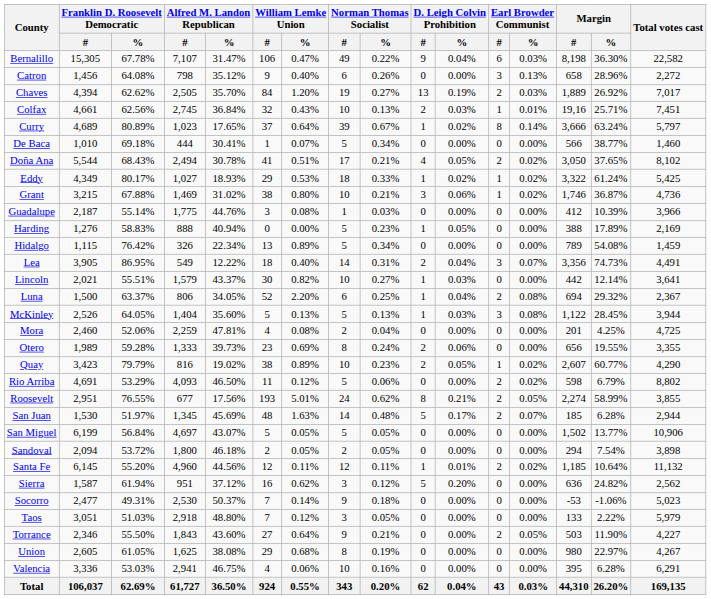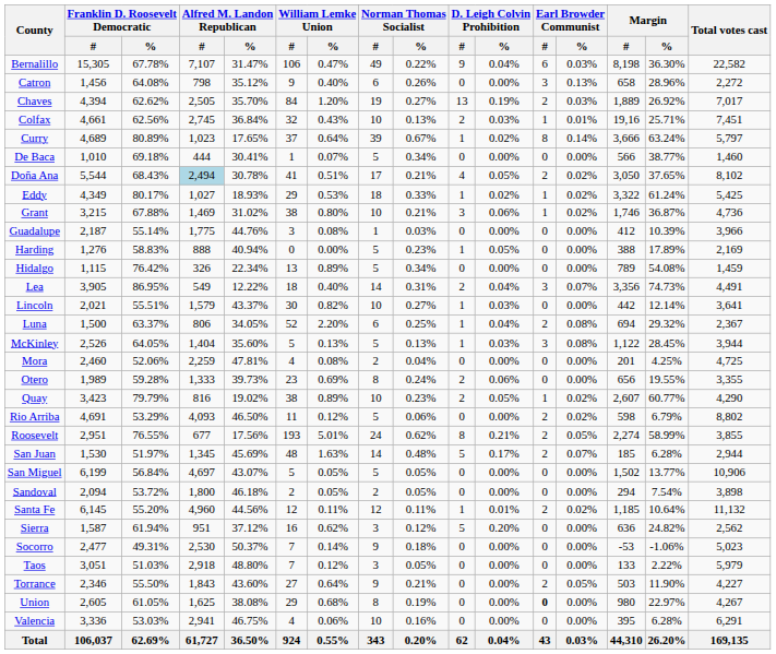 <table class="wikitable sortable" style="text-align:center">
 <tr>
 <th style="text-align:center;" rowspan="2">County</th>
 <th style="text-align:center;" colspan="2"><a href='#'>Franklin D. Roosevelt</a><br>Democratic</th>
 <th style="text-align:center;" colspan="2"><a href='#'>Alfred M. Landon</a><br>Republican</th>
 <th style="text-align:center;" colspan="2"><a href='#'>William Lemke</a><br>Union</th>
 <th style="text-align:center;" colspan="2"><a href='#'>Norman Thomas</a><br>Socialist</th>
 <th style="text-align:center;" colspan="2"><a href='#'>D. Leigh Colvin</a><br>Prohibition</th>
 <th style="text-align:center;" colspan="2"><a href='#'>Earl Browder</a><br>Communist</th>
 <th style="text-align:center;" colspan="2">Margin</th>
 <th style="text-align:center;" rowspan="2">Total votes cast</th>
 </tr>
 <tr>
 <th style="text-align:center;" data-sort-type="number">#</th>
 <th style="text-align:center;" data-sort-type="number">%</th>
 <th style="text-align:center;" data-sort-type="number">#</th>
 <th style="text-align:center;" data-sort-type="number">%</th>
 <th style="text-align:center;" data-sort-type="number">#</th>
 <th style="text-align:center;" data-sort-type="number">%</th>
 <th style="text-align:center;" data-sort-type="number">#</th>
 <th style="text-align:center;" data-sort-type="number">%</th>
 <th style="text-align:center;" data-sort-type="number">#</th>
 <th style="text-align:center;" data-sort-type="number">%</th>
 <th style="text-align:center;" data-sort-type="number">#</th>
 <th style="text-align:center;" data-sort-type="number">%</th>
 <th style="text-align:center;" data-sort-type="number">#</th>
 <th style="text-align:center;" data-sort-type="number">%</th>
 </tr>
 <tr style="text-align:center;">
 <td><a href='#'>Bernalillo</a></td>
 <td>15,305</td>
 <td>67.78%</td>
 <td>7,107</td>
 <td>31.47%</td>
 <td>106</td>
 <td>0.47%</td>
 <td>49</td>
 <td>0.22%</td>
 <td>9</td>
 <td>0.04%</td>
 <td>6</td>
 <td>0.03%</td>
 <td>8,198</td>
 <td>36.30%</td>
 <td>22,582</td>
 </tr>
 <tr style="text-align:center;">
 <td><a href='#'>Catron</a></td>
 <td>1,456</td>
 <td>64.08%</td>
 <td>798</td>
 <td>35.12%</td>
 <td>9</td>
 <td>0.40%</td>
 <td>6</td>
 <td>0.26%</td>
 <td>0</td>
 <td>0.00%</td>
 <td>3</td>
 <td>0.13%</td>
 <td>658</td>
 <td>28.96%</td>
 <td>2,272</td>
 </tr>
 <tr style="text-align:center;">
 <td><a href='#'>Chaves</a></td>
 <td>4,394</td>
 <td>62.62%</td>
 <td>2,505</td>
 <td>35.70%</td>
 <td>84</td>
 <td>1.20%</td>
 <td>19</td>
 <td>0.27%</td>
 <td>13</td>
 <td>0.19%</td>
 <td>2</td>
 <td>0.03%</td>
 <td>1,889</td>
 <td>26.92%</td>
 <td>7,017</td>
 </tr>
 <tr style="text-align:center;">
 <td><a href='#'>Colfax</a></td>
 <td>4,661</td>
 <td>62.56%</td>
 <td>2,745</td>
 <td>36.84%</td>
 <td>32</td>
 <td>0.43%</td>
 <td>10</td>
 <td>0.13%</td>
 <td>2</td>
 <td>0.03%</td>
 <td>1</td>
 <td>0.01%</td>
 <td>19,16</td>
 <td>25.71%</td>
 <td>7,451</td>
 </tr>
 <tr style="text-align:center;">
 <td><a href='#'>Curry</a></td>
 <td>4,689</td>
 <td>80.89%</td>
 <td>1,023</td>
 <td>17.65%</td>
 <td>37</td>
 <td>0.64%</td>
 <td>39</td>
 <td>0.67%</td>
 <td>1</td>
 <td>0.02%</td>
 <td>8</td>
 <td>0.14%</td>
 <td>3,666</td>
 <td>63.24%</td>
 <td>5,797</td>
 </tr>
 <tr style="text-align:center;">
 <td><a href='#'>De Baca</a></td>
 <td>1,010</td>
 <td>69.18%</td>
 <td>444</td>
 <td>30.41%</td>
 <td>1</td>
 <td>0.07%</td>
 <td>5</td>
 <td>0.34%</td>
 <td>0</td>
 <td>0.00%</td>
 <td>0</td>
 <td>0.00%</td>
 <td>566</td>
 <td>38.77%</td>
 <td>1,460</td>
 </tr>
 <tr style="text-align:center;">
 <td><a href='#'>Doña Ana</a></td>
 <td>5,544</td>
 <td>68.43%</td>
-<td>2,494</td>
+<td style="background: lightblue;">2,494</td>
 <td>30.78%</td>
 <td>41</td>
 <td>0.51%</td>
 <td>17</td>
 <td>0.21%</td>
 <td>4</td>
 <td>0.05%</td>
 <td>2</td>
 <td>0.02%</td>
 <td>3,050</td>
 <td>37.65%</td>
 <td>8,102</td>
 </tr>
 <tr style="text-align:center;">
 <td><a href='#'>Eddy</a></td>
 <td>4,349</td>
 <td>80.17%</td>
 <td>1,027</td>
 <td>18.93%</td>
 <td>29</td>
 <td>0.53%</td>
 <td>18</td>
 <td>0.33%</td>
 <td>1</td>
 <td>0.02%</td>
 <td>1</td>
 <td>0.02%</td>
 <td>3,322</td>
 <td>61.24%</td>
 <td>5,425</td>
 </tr>
 <tr style="text-align:center;">
 <td><a href='#'>Grant</a></td>
 <td>3,215</td>
 <td>67.88%</td>
 <td>1,469</td>
 <td>31.02%</td>
 <td>38</td>
 <td>0.80%</td>
 <td>10</td>
 <td>0.21%</td>
 <td>3</td>
 <td>0.06%</td>
 <td>1</td>
 <td>0.02%</td>
 <td>1,746</td>
 <td>36.87%</td>
 <td>4,736</td>
 </tr>
 <tr style="text-align:center;">
 <td><a href='#'>Guadalupe</a></td>
 <td>2,187</td>
 <td>55.14%</td>
 <td>1,775</td>
 <td>44.76%</td>
 <td>3</td>
 <td>0.08%</td>
 <td>1</td>
 <td>0.03%</td>
 <td>0</td>
 <td>0.00%</td>
 <td>0</td>
 <td>0.00%</td>
 <td>412</td>
 <td>10.39%</td>
 <td>3,966</td>
 </tr>
 <tr style="text-align:center;">
 <td><a href='#'>Harding</a></td>
 <td>1,276</td>
 <td>58.83%</td>
 <td>888</td>
 <td>40.94%</td>
 <td>0</td>
 <td>0.00%</td>
 <td>5</td>
 <td>0.23%</td>
 <td>1</td>
 <td>0.05%</td>
 <td>0</td>
 <td>0.00%</td>
 <td>388</td>
 <td>17.89%</td>
 <td>2,169</td>
 </tr>
 <tr style="text-align:center;">
 <td><a href='#'>Hidalgo</a></td>
 <td>1,115</td>
 <td>76.42%</td>
 <td>326</td>
 <td>22.34%</td>
 <td>13</td>
 <td>0.89%</td>
 <td>5</td>
 <td>0.34%</td>
 <td>0</td>
 <td>0.00%</td>
 <td>0</td>
 <td>0.00%</td>
 <td>789</td>
 <td>54.08%</td>
 <td>1,459</td>
 </tr>
 <tr style="text-align:center;">
 <td><a href='#'>Lea</a></td>
 <td>3,905</td>
 <td>86.95%</td>
 <td>549</td>
 <td>12.22%</td>
 <td>18</td>
 <td>0.40%</td>
 <td>14</td>
 <td>0.31%</td>
 <td>2</td>
 <td>0.04%</td>
 <td>3</td>
 <td>0.07%</td>
 <td>3,356</td>
 <td>74.73%</td>
 <td>4,491</td>
 </tr>
 <tr style="text-align:center;">
 <td><a href='#'>Lincoln</a></td>
 <td>2,021</td>
 <td>55.51%</td>
 <td>1,579</td>
 <td>43.37%</td>
 <td>30</td>
 <td>0.82%</td>
 <td>10</td>
 <td>0.27%</td>
 <td>1</td>
 <td>0.03%</td>
 <td>0</td>
 <td>0.00%</td>
 <td>442</td>
 <td>12.14%</td>
 <td>3,641</td>
 </tr>
 <tr style="text-align:center;">
 <td><a href='#'>Luna</a></td>
 <td>1,500</td>
 <td>63.37%</td>
 <td>806</td>
 <td>34.05%</td>
 <td>52</td>
 <td>2.20%</td>
 <td>6</td>
 <td>0.25%</td>
 <td>1</td>
 <td>0.04%</td>
 <td>2</td>
 <td>0.08%</td>
 <td>694</td>
 <td>29.32%</td>
 <td>2,367</td>
 </tr>
 <tr style="text-align:center;">
 <td><a href='#'>McKinley</a></td>
 <td>2,526</td>
 <td>64.05%</td>
 <td>1,404</td>
 <td>35.60%</td>
 <td>5</td>
 <td>0.13%</td>
 <td>5</td>
 <td>0.13%</td>
 <td>1</td>
 <td>0.03%</td>
 <td>3</td>
 <td>0.08%</td>
 <td>1,122</td>
 <td>28.45%</td>
 <td>3,944</td>
 </tr>
 <tr style="text-align:center;">
 <td><a href='#'>Mora</a></td>
 <td>2,460</td>
 <td>52.06%</td>
 <td>2,259</td>
 <td>47.81%</td>
 <td>4</td>
 <td>0.08%</td>
 <td>2</td>
 <td>0.04%</td>
 <td>0</td>
 <td>0.00%</td>
 <td>0</td>
 <td>0.00%</td>
 <td>201</td>
 <td>4.25%</td>
 <td>4,725</td>
 </tr>
 <tr style="text-align:center;">
 <td><a href='#'>Otero</a></td>
 <td>1,989</td>
 <td>59.28%</td>
 <td>1,333</td>
 <td>39.73%</td>
 <td>23</td>
 <td>0.69%</td>
 <td>8</td>
 <td>0.24%</td>
 <td>2</td>
 <td>0.06%</td>
 <td>0</td>
 <td>0.00%</td>
 <td>656</td>
 <td>19.55%</td>
 <td>3,355</td>
 </tr>
 <tr style="text-align:center;">
 <td><a href='#'>Quay</a></td>
 <td>3,423</td>
 <td>79.79%</td>
 <td>816</td>
 <td>19.02%</td>
 <td>38</td>
 <td>0.89%</td>
 <td>10</td>
 <td>0.23%</td>
 <td>2</td>
 <td>0.05%</td>
 <td>1</td>
 <td>0.02%</td>
 <td>2,607</td>
 <td>60.77%</td>
 <td>4,290</td>
 </tr>
 <tr style="text-align:center;">
 <td><a href='#'>Rio Arriba</a></td>
 <td>4,691</td>
 <td>53.29%</td>
 <td>4,093</td>
 <td>46.50%</td>
 <td>11</td>
 <td>0.12%</td>
 <td>5</td>
 <td>0.06%</td>
 <td>0</td>
 <td>0.00%</td>
 <td>2</td>
 <td>0.02%</td>
 <td>598</td>
 <td>6.79%</td>
 <td>8,802</td>
 </tr>
 <tr style="text-align:center;">
 <td><a href='#'>Roosevelt</a></td>
 <td>2,951</td>
 <td>76.55%</td>
 <td>677</td>
 <td>17.56%</td>
 <td>193</td>
 <td>5.01%</td>
 <td>24</td>
 <td>0.62%</td>
 <td>8</td>
 <td>0.21%</td>
 <td>2</td>
 <td>0.05%</td>
 <td>2,274</td>
 <td>58.99%</td>
 <td>3,855</td>
 </tr>
 <tr style="text-align:center;">
 <td><a href='#'>San Juan</a></td>
 <td>1,530</td>
 <td>51.97%</td>
 <td>1,345</td>
 <td>45.69%</td>
 <td>48</td>
 <td>1.63%</td>
 <td>14</td>
 <td>0.48%</td>
 <td>5</td>
 <td>0.17%</td>
 <td>2</td>
 <td>0.07%</td>
 <td>185</td>
 <td>6.28%</td>
 <td>2,944</td>
 </tr>
 <tr style="text-align:center;">
 <td><a href='#'>San Miguel</a></td>
 <td>6,199</td>
 <td>56.84%</td>
 <td>4,697</td>
 <td>43.07%</td>
 <td>5</td>
 <td>0.05%</td>
 <td>5</td>
 <td>0.05%</td>
 <td>0</td>
 <td>0.00%</td>
 <td>0</td>
 <td>0.00%</td>
 <td>1,502</td>
 <td>13.77%</td>
 <td>10,906</td>
 </tr>
 <tr style="text-align:center;">
 <td><a href='#'>Sandoval</a></td>
 <td>2,094</td>
 <td>53.72%</td>
 <td>1,800</td>
 <td>46.18%</td>
 <td>2</td>
 <td>0.05%</td>
 <td>2</td>
 <td>0.05%</td>
 <td>0</td>
 <td>0.00%</td>
 <td>0</td>
 <td>0.00%</td>
 <td>294</td>
 <td>7.54%</td>
 <td>3,898</td>
 </tr>
 <tr style="text-align:center;">
 <td><a href='#'>Santa Fe</a></td>
 <td>6,145</td>
 <td>55.20%</td>
 <td>4,960</td>
 <td>44.56%</td>
 <td>12</td>
 <td>0.11%</td>
 <td>12</td>
 <td>0.11%</td>
 <td>1</td>
 <td>0.01%</td>
 <td>2</td>
 <td>0.02%</td>
 <td>1,185</td>
 <td>10.64%</td>
 <td>11,132</td>
 </tr>
 <tr style="text-align:center;">
 <td><a href='#'>Sierra</a></td>
 <td>1,587</td>
 <td>61.94%</td>
 <td>951</td>
 <td>37.12%</td>
 <td>16</td>
 <td>0.62%</td>
 <td>3</td>
 <td>0.12%</td>
 <td>5</td>
 <td>0.20%</td>
 <td>0</td>
 <td>0.00%</td>
 <td>636</td>
 <td>24.82%</td>
 <td>2,562</td>
 </tr>
 <tr style="text-align:center;">
 <td><a href='#'>Socorro</a></td>
 <td>2,477</td>
 <td>49.31%</td>
 <td>2,530</td>
 <td>50.37%</td>
 <td>7</td>
 <td>0.14%</td>
 <td>9</td>
 <td>0.18%</td>
 <td>0</td>
 <td>0.00%</td>
 <td>0</td>
 <td>0.00%</td>
 <td>-53</td>
 <td>-1.06%</td>
 <td>5,023</td>
 </tr>
 <tr style="text-align:center;">
 <td><a href='#'>Taos</a></td>
 <td>3,051</td>
 <td>51.03%</td>
 <td>2,918</td>
 <td>48.80%</td>
 <td>7</td>
 <td>0.12%</td>
 <td>3</td>
 <td>0.05%</td>
 <td>0</td>
 <td>0.00%</td>
 <td>0</td>
 <td>0.00%</td>
 <td>133</td>
 <td>2.22%</td>
 <td>5,979</td>
 </tr>
 <tr style="text-align:center;">
 <td><a href='#'>Torrance</a></td>
 <td>2,346</td>
 <td>55.50%</td>
 <td>1,843</td>
 <td>43.60%</td>
 <td>27</td>
 <td>0.64%</td>
 <td>9</td>
 <td>0.21%</td>
 <td>0</td>
 <td>0.00%</td>
 <td>2</td>
 <td>0.05%</td>
 <td>503</td>
 <td>11.90%</td>
 <td>4,227</td>
 </tr>
 <tr style="text-align:center;">
 <td><a href='#'>Union</a></td>
 <td>2,605</td>
 <td>61.05%</td>
 <td>1,625</td>
 <td>38.08%</td>
 <td>29</td>
 <td>0.68%</td>
 <td>8</td>
 <td>0.19%</td>
 <td>0</td>
 <td>0.00%</td>
-<td>0</td>
+<td><strong>0</strong></td>
 <td>0.00%</td>
 <td>980</td>
 <td>22.97%</td>
 <td>4,267</td>
 </tr>
 <tr style="text-align:center;">
 <td><a href='#'>Valencia</a></td>
 <td>3,336</td>
 <td>53.03%</td>
 <td>2,941</td>
 <td>46.75%</td>
 <td>4</td>
 <td>0.06%</td>
 <td>10</td>
 <td>0.16%</td>
 <td>0</td>
 <td>0.00%</td>
 <td>0</td>
 <td>0.00%</td>
 <td>395</td>
 <td>6.28%</td>
 <td>6,291</td>
 </tr>
 <tr style="text-align:center;">
 <th>Total</th>
 <th>106,037</th>
 <th>62.69%</th>
 <th>61,727</th>
 <th>36.50%</th>
 <th>924</th>
 <th>0.55%</th>
 <th>343</th>
 <th>0.20%</th>
 <th>62</th>
 <th>0.04%</th>
 <th>43</th>
 <th>0.03%</th>
 <th>44,310</th>
 <th>26.20%</th>
 <th>169,135</th>
 </tr>
 </table>
